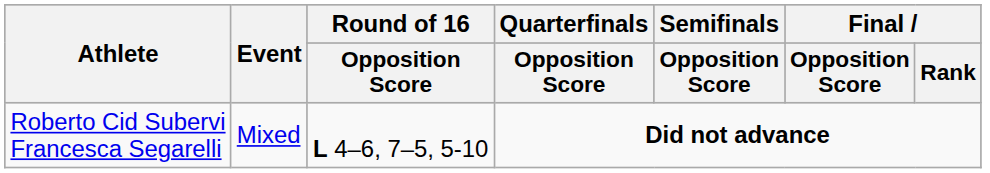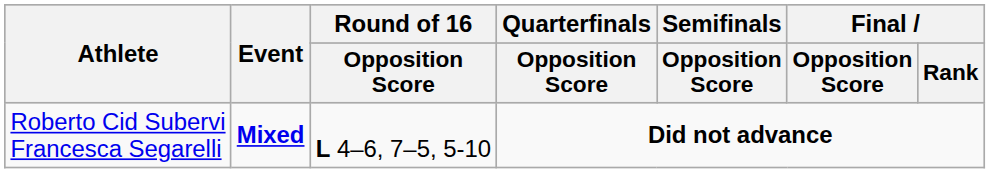 <table class=wikitable style="font-size:90%">
 <tr>
 <th rowspan="2">Athlete</th>
 <th rowspan="2">Event</th>
 <th>Round of 16</th>
 <th>Quarterfinals</th>
 <th>Semifinals</th>
 <th colspan=2>Final / </th>
 </tr>
 <tr style="font-size:95%">
 <th>Opposition<br>Score</th>
 <th>Opposition<br>Score</th>
 <th>Opposition<br>Score</th>
 <th>Opposition<br>Score</th>
 <th>Rank</th>
 </tr>
 <tr>
 <td><a href='#'>Roberto Cid Subervi</a><br><a href='#'>Francesca Segarelli</a></td>
-<td><a href='#'>Mixed</a></td>
+<td><strong><a href='#'>Mixed</a></strong></td>
 <td align=center><br><strong>L</strong> 4–6, 7–5, 5-10</td>
 <td align=center colspan=4><strong>Did not advance</strong></td>
 </tr>
 </table>
